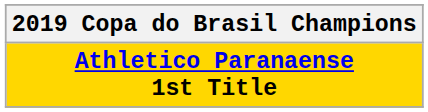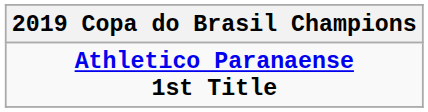 <table class="wikitable" style="text-align: center; margin: 0 auto;">
 <tr>
 <th>2019 Copa do Brasil Champions</th>
 </tr>
 <tr>
-<td style="background: gold;"><strong><a href='#'>Athletico Paranaense</a></strong><br><strong>1st Title</strong></td>
+<td><strong><a href='#'>Athletico Paranaense</a></strong><br><strong>1st Title</strong></td>
 </tr>
 </table>
